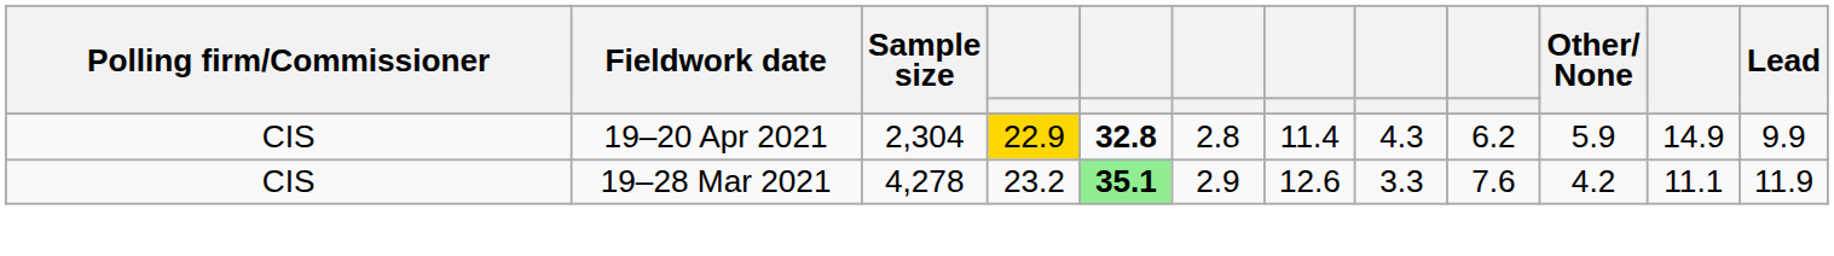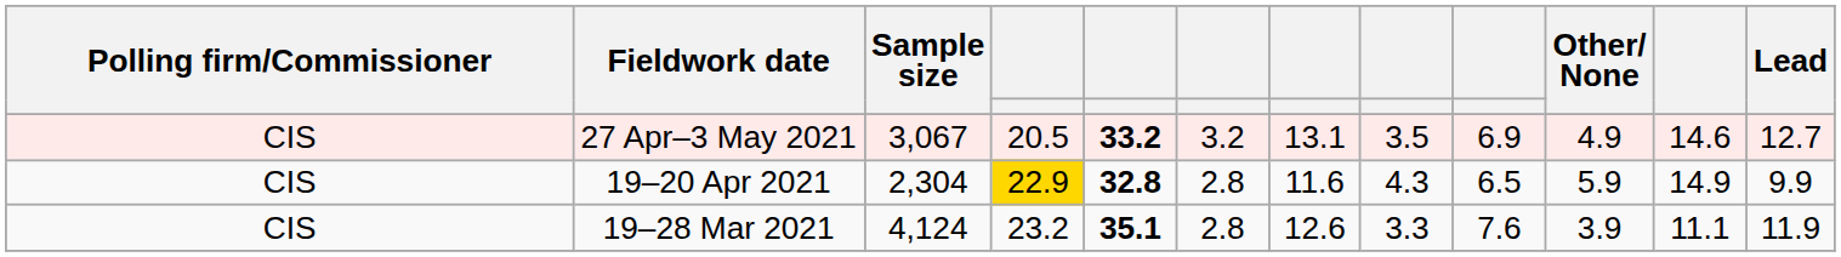 <table class="wikitable collapsible collapsed" style="text-align:center; font-size:90%; line-height:14px;">
 <tr style="height:42px;">
 <th style="width:250px;" rowspan="2">Polling firm/Commissioner</th>
 <th style="width:125px;" rowspan="2">Fieldwork date</th>
 <th style="width:50px;" rowspan="2">Sample size</th>
 <th style="width:35px;"></th>
 <th style="width:35px;"></th>
 <th style="width:35px;"></th>
 <th style="width:35px;"></th>
 <th style="width:35px;"></th>
 <th style="width:35px;"></th>
 <th style="width:35px;" rowspan="2">Other/<br>None</th>
 <th style="width:35px;" rowspan="2"></th>
 <th style="width:30px;" rowspan="2">Lead</th>
 </tr>
 <tr>
 <th style="color:inherit;background:"></th>
 <th style="color:inherit;background:"></th>
 <th style="color:inherit;background:"></th>
 <th style="color:inherit;background:"></th>
 <th style="color:inherit;background:"></th>
 <th style="color:inherit;background:"></th>
 </tr>
+<tr style="background:#FFEAEA;">
+<td>CIS</td>
+<td>27 Apr–3 May 2021</td>
+<td>3,067</td>
+<td>20.5</td>
+<td><strong>33.2</strong></td>
+<td>3.2</td>
+<td>13.1</td>
+<td>3.5</td>
+<td>6.9</td>
+<td>4.9</td>
+<td>14.6</td>
+<td style="background:">12.7</td>
+</tr>
 <tr>
 <td>CIS</td>
 <td>19–20 Apr 2021</td>
 <td>2,304</td>
 <td style="background: gold;">22.9</td>
 <td><strong>32.8</strong></td>
 <td>2.8</td>
-<td>11.4</td>
+<td>11.6</td>
 <td>4.3</td>
-<td>6.2</td>
+<td>6.5</td>
 <td>5.9</td>
 <td>14.9</td>
 <td style="background:">9.9</td>
 </tr>
 <tr>
 <td>CIS</td>
 <td>19–28 Mar 2021</td>
-<td>4,278</td>
+<td>4,124</td>
 <td>23.2</td>
-<td style="background: lightgreen;"><strong>35.1</strong></td>
-<td>2.9</td>
+<td><strong>35.1</strong></td>
+<td>2.8</td>
 <td>12.6</td>
 <td>3.3</td>
 <td>7.6</td>
-<td>4.2</td>
+<td>3.9</td>
 <td>11.1</td>
 <td style="background:">11.9</td>
 </tr>
 </table>
